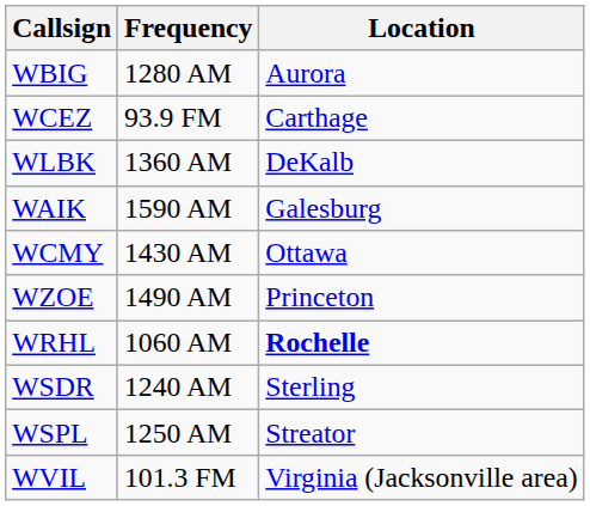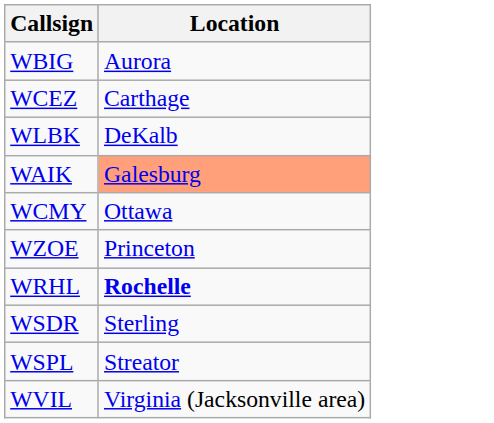 <table class="wikitable">
 <tr>
 <th>Callsign</th>
-<th>Frequency</th>
 <th>Location</th>
 </tr>
 <tr>
 <td><a href='#'>WBIG</a></td>
-<td>1280 AM</td>
 <td><a href='#'>Aurora</a></td>
 </tr>
 <tr>
 <td><a href='#'>WCEZ</a></td>
-<td>93.9 FM</td>
 <td><a href='#'>Carthage</a></td>
 </tr>
 <tr>
 <td><a href='#'>WLBK</a></td>
-<td>1360 AM</td>
 <td><a href='#'>DeKalb</a></td>
 </tr>
 <tr>
 <td><a href='#'>WAIK</a></td>
-<td>1590 AM</td>
-<td><a href='#'>Galesburg</a></td>
+<td style="background: lightsalmon;"><a href='#'>Galesburg</a></td>
 </tr>
 <tr>
 <td><a href='#'>WCMY</a></td>
-<td>1430 AM</td>
 <td><a href='#'>Ottawa</a></td>
 </tr>
 <tr>
 <td><a href='#'>WZOE</a></td>
-<td>1490 AM</td>
 <td><a href='#'>Princeton</a></td>
 </tr>
 <tr>
 <td><a href='#'>WRHL</a></td>
-<td>1060 AM</td>
 <td><strong><a href='#'>Rochelle</a></strong></td>
 </tr>
 <tr>
 <td><a href='#'>WSDR</a></td>
-<td>1240 AM</td>
 <td><a href='#'>Sterling</a></td>
 </tr>
 <tr>
 <td><a href='#'>WSPL</a></td>
-<td>1250 AM</td>
 <td><a href='#'>Streator</a></td>
 </tr>
 <tr>
 <td><a href='#'>WVIL</a></td>
-<td>101.3 FM</td>
 <td><a href='#'>Virginia</a> (Jacksonville area)</td>
 </tr>
 </table>
